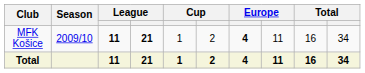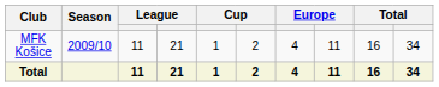 <table class="wikitable" align=center style="font-size:90%; text-align: center;">
 <tr>
 <th width=60 rowspan="2">Club</th>
 <th width=60 rowspan="2">Season</th>
 <th width=80 colspan="2">League</th>
 <th width=80 colspan="2">Cup</th>
 <th width=80 colspan="2"><a href='#'>Europe</a></th>
 <th width=80 colspan="2">Total</th>
 </tr>
 <tr align=center>
 <th width=40 App></th>
 <th width=40 abbr="Goals against"></th>
 <th width=40 App></th>
 <th width=40 abbr="Goals against"></th>
 <th width=40 App></th>
 <th width=40 abbr="Goals against"></th>
 <th width=40 App></th>
 <th width=40 abbr="Goals against"></th>
 </tr>
 <tr align=center>
 <td rowspan="1" valign=center><a href='#'>MFK Košice</a></td>
 <td><a href='#'>2009/10</a></td>
-<td><strong>11</strong></td>
-<td><strong>21</strong></td>
+<td>11</td>
+<td>21</td>
 <td>1</td>
 <td>2</td>
-<td><strong>4</strong></td>
+<td>4</td>
 <td>11</td>
 <td>16</td>
 <td>34</td>
 </tr>
 <tr align=center>
 <th align=left style="background:beige">Total</th>
 <th align=left style="background:beige"></th>
 <th align=left style="background:beige">11</th>
 <th align=left style="background:beige">21</th>
 <th align=left style="background:beige">1</th>
 <th align=left style="background:beige">2</th>
 <th align=left style="background:beige">4</th>
 <th align=left style="background:beige">11</th>
 <th align=left style="background:beige">16</th>
 <th align=left style="background:beige">34</th>
 </tr>
 </table>
